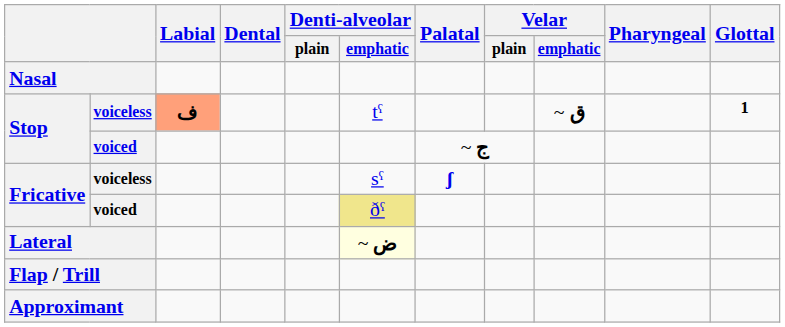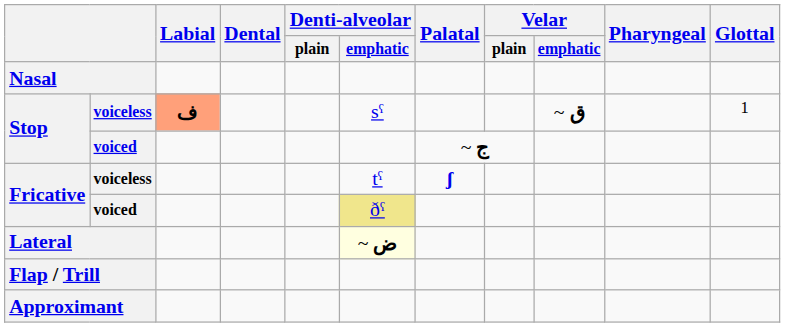 <table class="wikitable" style="text-align: center;">
 <tr>
 <th colspan="2" rowspan="2"> </th>
 <th rowspan="2"><a href='#'>Labial</a></th>
 <th rowspan="2"><a href='#'>Dental</a></th>
 <th colspan="2"><a href='#'>Denti-alveolar</a></th>
 <th rowspan="2"><a href='#'>Palatal</a></th>
 <th colspan="2"><a href='#'>Velar</a></th>
 <th rowspan="2"><a href='#'>Pharyngeal</a></th>
 <th rowspan="2"><a href='#'>Glottal</a></th>
 </tr>
 <tr>
 <th style="font-size: 80%;"> plain </th>
 <th style="font-size: 80%;"><a href='#'>emphatic</a></th>
 <th style="font-size: 80%;"> plain </th>
 <th style="font-size: 80%;"><a href='#'>emphatic</a></th>
 </tr>
 <tr>
 <th colspan="2" style="text-align: left;"><a href='#'>Nasal</a></th>
 <td></td>
 <td> </td>
 <td></td>
 <td> </td>
 <td> </td>
 <td> </td>
 <td></td>
 <td> </td>
 <td> </td>
 </tr>
 <tr>
 <th rowspan="2" style="text-align: left;"><a href='#'>Stop</a></th>
 <th style="text-align: left; font-size: 80%;"><a href='#'>voiceless</a></th>
 <td style="background: lightsalmon;"> <strong>ف</strong></td>
 <td> </td>
 <td></td>
-<td><a href='#'>tˤ</a></td>
+<td><a href='#'>sˤ</a></td>
 <td> </td>
 <td></td>
 <td> ~  <strong>ق</strong></td>
 <td> </td>
-<td><strong><sup>1</sup></strong></td>
+<td><sup>1</sup></td>
 </tr>
 <tr>
 <th style="text-align: left; font-size: 80%;"><a href='#'>voiced</a></th>
 <td></td>
 <td> </td>
 <td></td>
 <td></td>
 <td colspan="2"> ~  <strong>ج</strong></td>
 <td></td>
 <td> </td>
 <td> </td>
 </tr>
 <tr>
 <th rowspan="2" style="text-align: left;"><a href='#'>Fricative</a></th>
 <th style="text-align: left; font-size: 80%;">voiceless</th>
 <td></td>
 <td></td>
 <td></td>
-<td><a href='#'>sˤ</a></td>
+<td><a href='#'>tˤ</a></td>
 <td><strong><a href='#'>ʃ</a></strong></td>
 <td></td>
 <td></td>
 <td></td>
 <td></td>
 </tr>
 <tr>
 <th style="text-align: left; font-size: 80%;">voiced</th>
 <td> </td>
 <td></td>
 <td></td>
 <td style="background: khaki;"><a href='#'>ðˤ</a></td>
 <td> </td>
 <td></td>
 <td></td>
 <td></td>
 <td> </td>
 </tr>
 <tr>
 <th colspan="2" style="text-align: left;"><a href='#'>Lateral</a></th>
 <td></td>
 <td></td>
 <td></td>
 <td style="background: lightyellow;"> ~  <strong>ض</strong></td>
 <td></td>
 <td></td>
 <td></td>
 <td></td>
 <td></td>
 </tr>
 <tr>
 <th colspan="2" style="text-align: left;"><a href='#'>Flap</a> / <a href='#'>Trill</a></th>
 <td> </td>
 <td> </td>
 <td></td>
 <td> </td>
 <td> </td>
 <td> </td>
 <td></td>
 <td> </td>
 <td> </td>
 </tr>
 <tr>
 <th colspan="2" style="text-align: left;"><a href='#'>Approximant</a></th>
 <td> </td>
 <td> </td>
 <td> </td>
 <td> </td>
 <td></td>
 <td></td>
 <td></td>
 <td> </td>
 <td> </td>
 </tr>
 </table>
